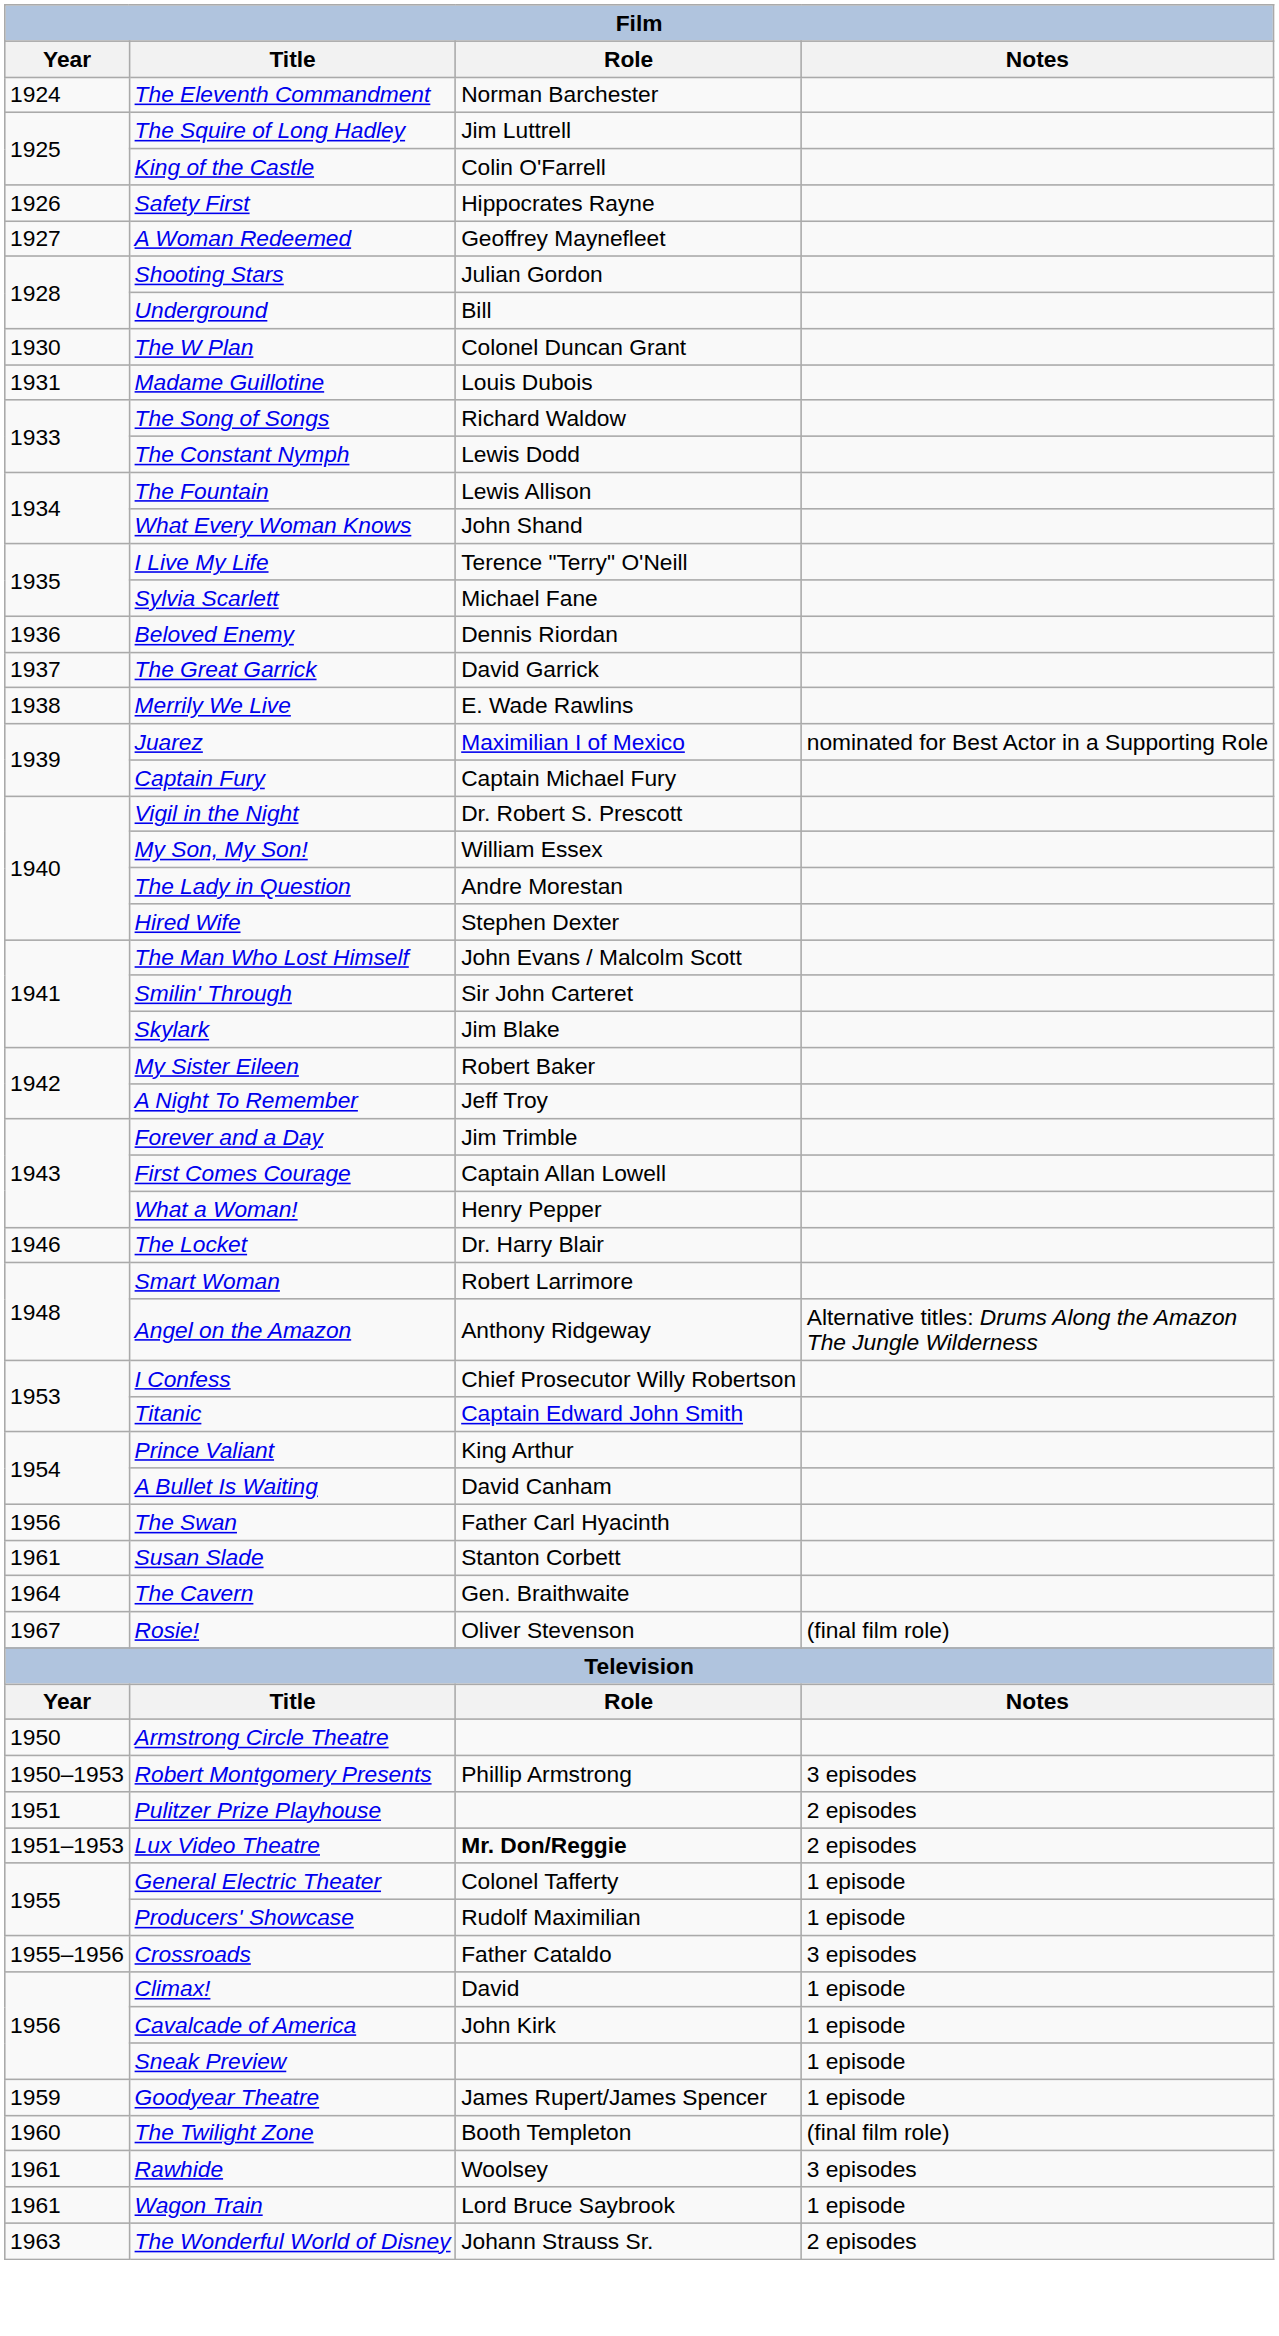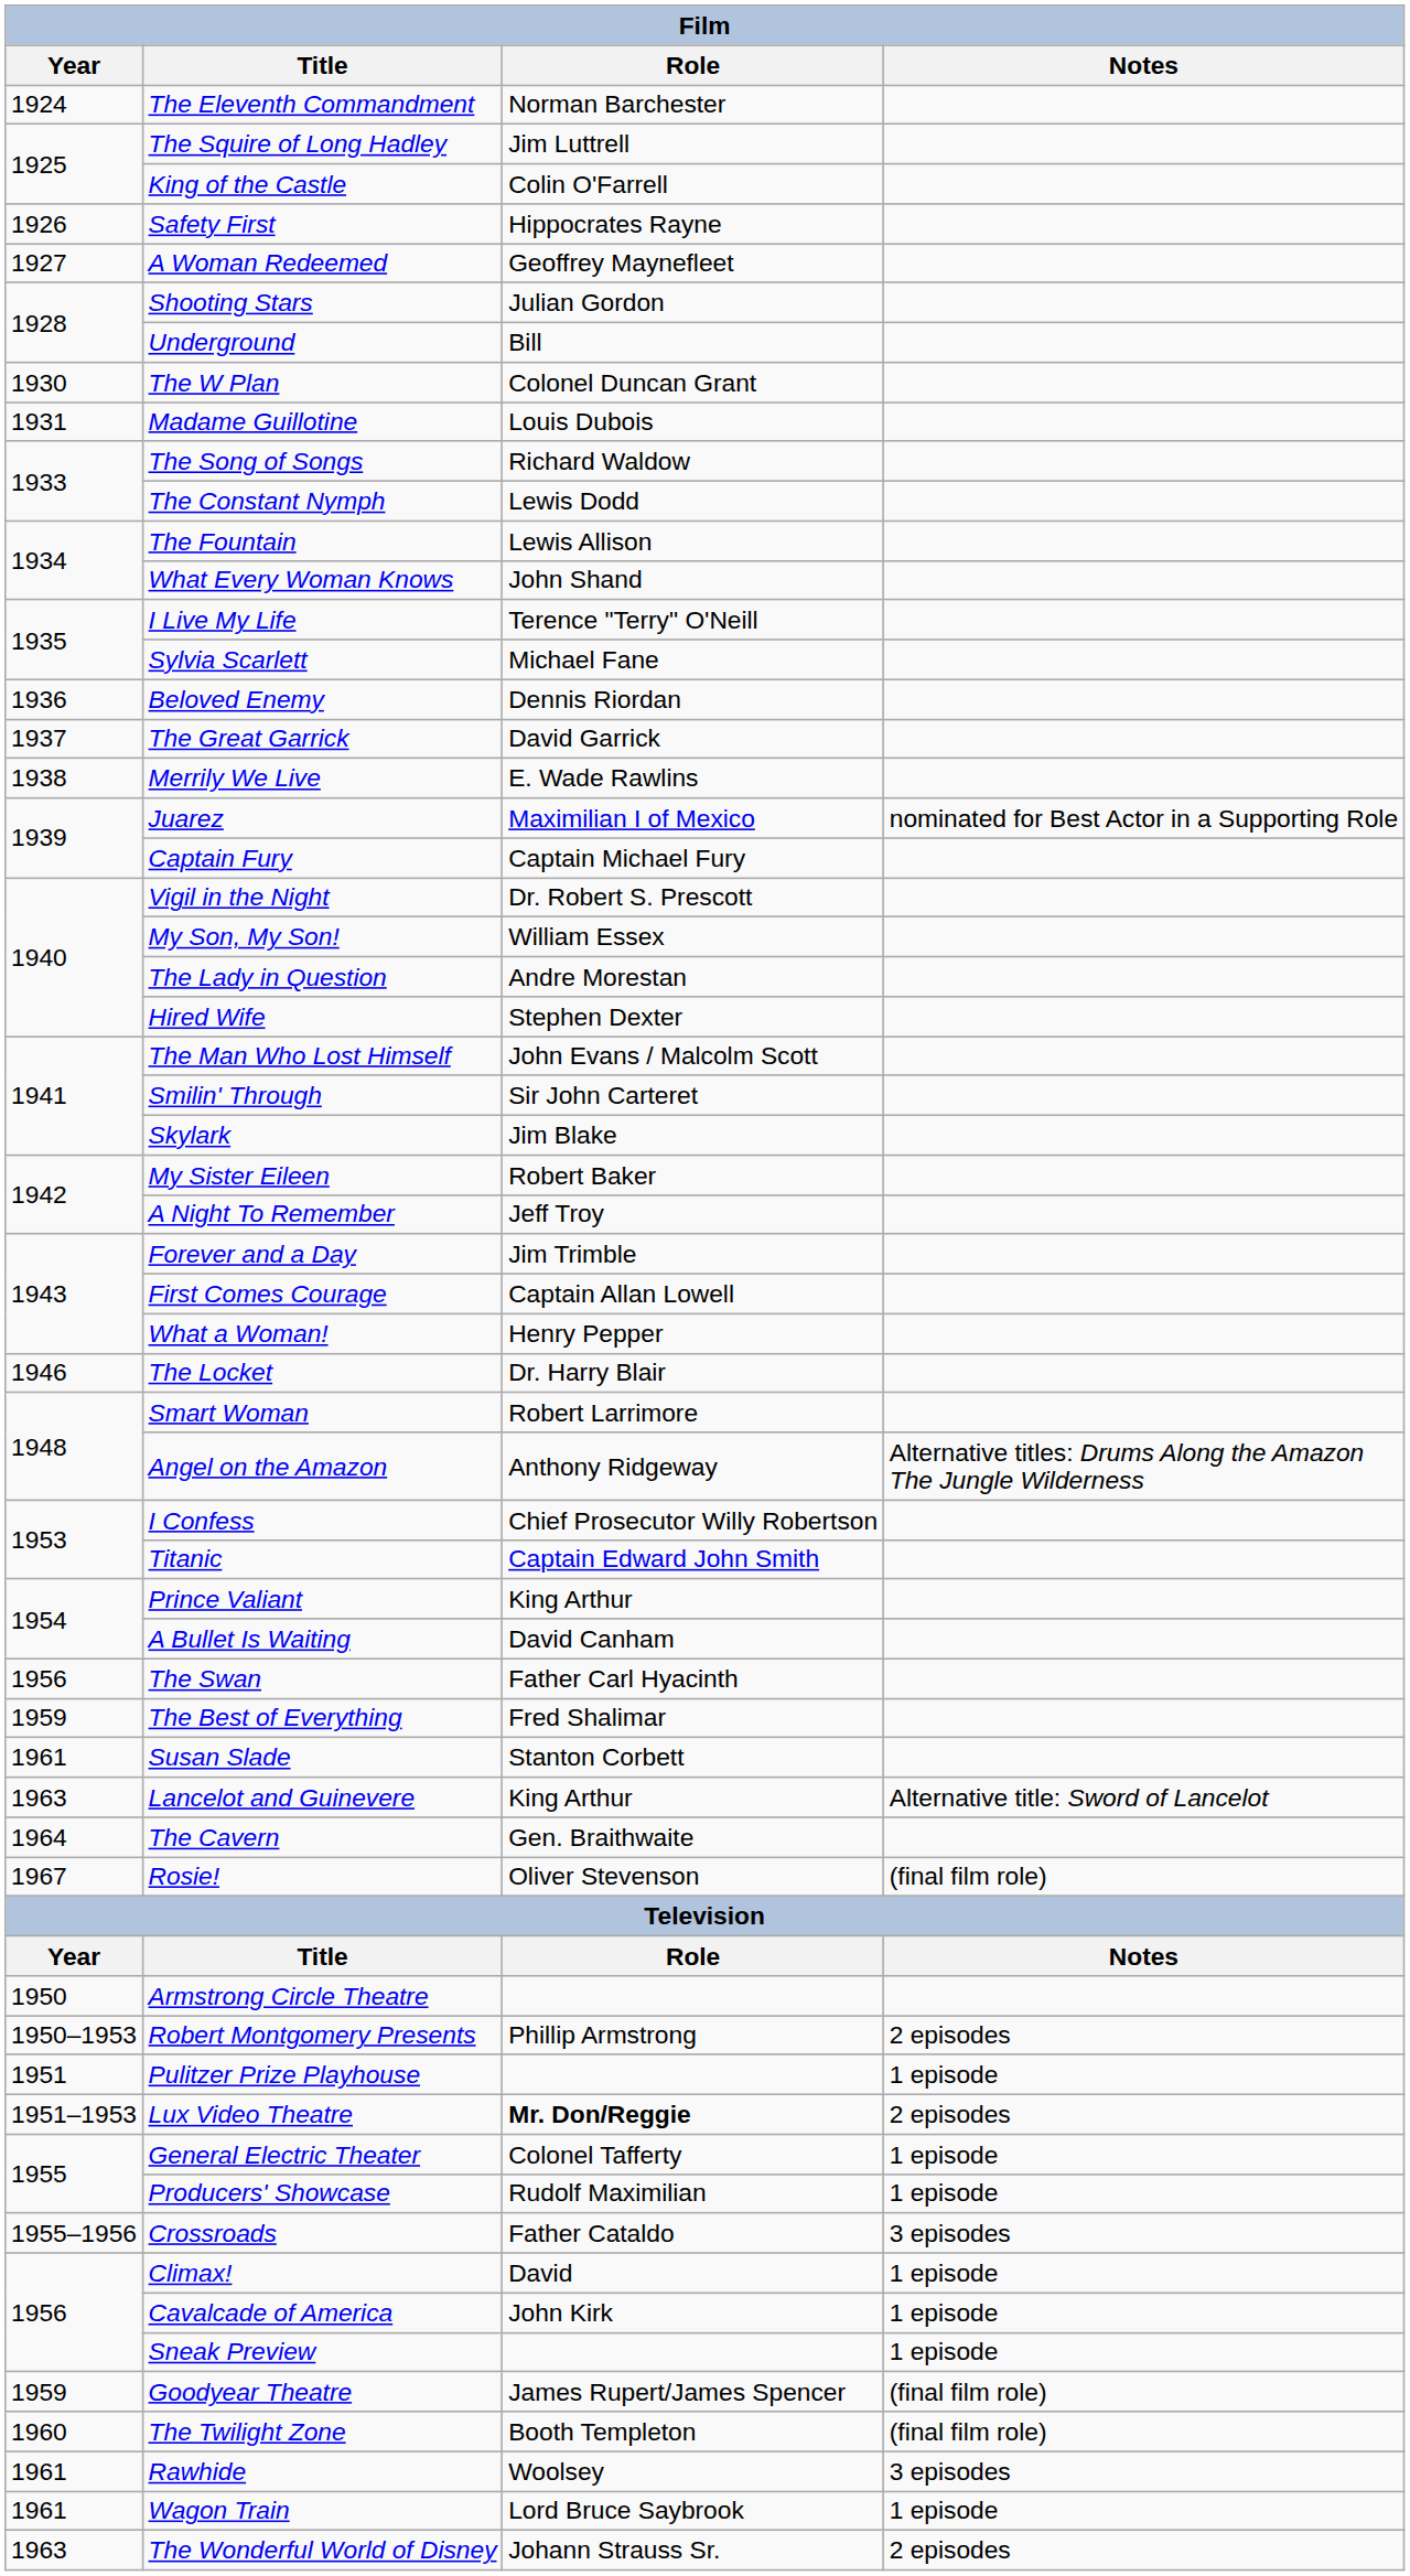 <table class="wikitable" style="font-size: 90%;">
 <tr>
 <th colspan="4" style="background: LightSteelBlue;">Film</th>
 </tr>
 <tr>
 <th>Year</th>
 <th>Title</th>
 <th>Role</th>
 <th>Notes</th>
 </tr>
 <tr>
 <td>1924</td>
 <td><em><a href='#'>The Eleventh Commandment</a></em></td>
 <td>Norman Barchester</td>
 <td></td>
 </tr>
 <tr>
 <td rowspan=2>1925</td>
 <td><em><a href='#'>The Squire of Long Hadley</a></em></td>
 <td>Jim Luttrell</td>
 <td></td>
 </tr>
 <tr>
 <td><em><a href='#'>King of the Castle</a></em></td>
 <td>Colin O'Farrell</td>
 <td></td>
 </tr>
 <tr>
 <td>1926</td>
 <td><em><a href='#'>Safety First</a></em></td>
 <td>Hippocrates Rayne</td>
 <td></td>
 </tr>
 <tr>
 <td>1927</td>
 <td><em><a href='#'>A Woman Redeemed</a></em></td>
 <td>Geoffrey Maynefleet</td>
 <td></td>
 </tr>
 <tr>
 <td rowspan=2>1928</td>
 <td><em><a href='#'>Shooting Stars</a></em></td>
 <td>Julian Gordon</td>
 <td></td>
 </tr>
 <tr>
 <td><em><a href='#'>Underground</a></em></td>
 <td>Bill</td>
 <td></td>
 </tr>
 <tr>
 <td>1930</td>
 <td><em><a href='#'>The W Plan</a></em></td>
 <td>Colonel Duncan Grant</td>
 <td></td>
 </tr>
 <tr>
 <td>1931</td>
 <td><em><a href='#'>Madame Guillotine</a></em></td>
 <td>Louis Dubois</td>
 <td></td>
 </tr>
 <tr>
 <td rowspan=2>1933</td>
 <td><em><a href='#'>The Song of Songs</a></em></td>
 <td>Richard Waldow</td>
 <td></td>
 </tr>
 <tr>
 <td><em><a href='#'>The Constant Nymph</a></em></td>
 <td>Lewis Dodd</td>
 <td></td>
 </tr>
 <tr>
 <td rowspan=2>1934</td>
 <td><em><a href='#'>The Fountain</a></em></td>
 <td>Lewis Allison</td>
 <td></td>
 </tr>
 <tr>
 <td><em><a href='#'>What Every Woman Knows</a></em></td>
 <td>John Shand</td>
 <td></td>
 </tr>
 <tr>
 <td rowspan=2>1935</td>
 <td><em><a href='#'>I Live My Life</a></em></td>
 <td>Terence "Terry" O'Neill</td>
 <td></td>
 </tr>
 <tr>
 <td><em><a href='#'>Sylvia Scarlett</a></em></td>
 <td>Michael Fane</td>
 <td></td>
 </tr>
 <tr>
 <td>1936</td>
 <td><em><a href='#'>Beloved Enemy</a></em></td>
 <td>Dennis Riordan</td>
 <td></td>
 </tr>
 <tr>
 <td>1937</td>
 <td><em><a href='#'>The Great Garrick</a></em></td>
 <td>David Garrick</td>
 <td></td>
 </tr>
 <tr>
 <td>1938</td>
 <td><em><a href='#'>Merrily We Live</a></em></td>
 <td>E. Wade Rawlins</td>
 <td></td>
 </tr>
 <tr>
 <td rowspan=2>1939</td>
 <td><em><a href='#'>Juarez</a></em></td>
 <td><a href='#'>Maximilian I of Mexico</a></td>
 <td>nominated for Best Actor in a Supporting Role</td>
 </tr>
 <tr>
 <td><em><a href='#'>Captain Fury</a></em></td>
 <td>Captain Michael Fury</td>
 <td></td>
 </tr>
 <tr>
 <td rowspan=4>1940</td>
 <td><em><a href='#'>Vigil in the Night</a></em></td>
 <td>Dr. Robert S. Prescott</td>
 <td></td>
 </tr>
 <tr>
 <td><em><a href='#'>My Son, My Son!</a></em></td>
 <td>William Essex</td>
 <td></td>
 </tr>
 <tr>
 <td><em><a href='#'>The Lady in Question</a></em></td>
 <td>Andre Morestan</td>
 <td></td>
 </tr>
 <tr>
 <td><em><a href='#'>Hired Wife</a></em></td>
 <td>Stephen Dexter</td>
 <td></td>
 </tr>
 <tr>
 <td rowspan=3>1941</td>
 <td><em><a href='#'>The Man Who Lost Himself</a></em></td>
 <td>John Evans / Malcolm Scott</td>
 <td></td>
 </tr>
 <tr>
 <td><em><a href='#'>Smilin' Through</a></em></td>
 <td>Sir John Carteret</td>
 <td></td>
 </tr>
 <tr>
 <td><em><a href='#'>Skylark</a></em></td>
 <td>Jim Blake</td>
 <td></td>
 </tr>
 <tr>
 <td rowspan=2>1942</td>
 <td><em><a href='#'>My Sister Eileen</a></em></td>
 <td>Robert Baker</td>
 <td></td>
 </tr>
 <tr>
 <td><em><a href='#'>A Night To Remember</a></em></td>
 <td>Jeff Troy</td>
 <td></td>
 </tr>
 <tr>
 <td rowspan=3>1943</td>
 <td><em><a href='#'>Forever and a Day</a></em></td>
 <td>Jim Trimble</td>
 <td></td>
 </tr>
 <tr>
 <td><em><a href='#'>First Comes Courage</a></em></td>
 <td>Captain Allan Lowell</td>
 <td></td>
 </tr>
 <tr>
 <td><em><a href='#'>What a Woman!</a></em></td>
 <td>Henry Pepper</td>
 <td></td>
 </tr>
 <tr>
 <td>1946</td>
 <td><em><a href='#'>The Locket</a></em></td>
 <td>Dr. Harry Blair</td>
 <td></td>
 </tr>
 <tr>
 <td rowspan=2>1948</td>
 <td><em><a href='#'>Smart Woman</a></em></td>
 <td>Robert Larrimore</td>
 <td></td>
 </tr>
 <tr>
 <td><em><a href='#'>Angel on the Amazon</a></em></td>
 <td>Anthony Ridgeway</td>
 <td>Alternative titles: <em>Drums Along the Amazon</em><br><em>The Jungle Wilderness</em></td>
 </tr>
 <tr>
 <td rowspan=2>1953</td>
 <td><em><a href='#'>I Confess</a></em></td>
 <td>Chief Prosecutor Willy Robertson</td>
 <td></td>
 </tr>
 <tr>
 <td><em><a href='#'>Titanic</a></em></td>
 <td><a href='#'>  Captain Edward John Smith</a></td>
 <td></td>
 </tr>
 <tr>
 <td rowspan=2>1954</td>
 <td><em><a href='#'>Prince Valiant</a></em></td>
 <td>King Arthur</td>
 <td></td>
 </tr>
 <tr>
 <td><em><a href='#'>A Bullet Is Waiting</a></em></td>
 <td>David Canham</td>
 <td></td>
 </tr>
 <tr>
 <td>1956</td>
 <td><em><a href='#'>The Swan</a></em></td>
 <td>Father Carl Hyacinth</td>
 <td></td>
 </tr>
 <tr>
+<td>1959</td>
+<td><em><a href='#'>The Best of Everything</a></em></td>
+<td>Fred Shalimar</td>
+<td></td>
+</tr>
+<tr>
 <td>1961</td>
 <td><em><a href='#'>Susan Slade</a></em></td>
 <td>Stanton Corbett</td>
 <td></td>
+</tr>
+<tr>
+<td>1963</td>
+<td><em><a href='#'>Lancelot and Guinevere</a></em></td>
+<td>King Arthur</td>
+<td>Alternative title: <em>Sword of Lancelot</em></td>
 </tr>
 <tr>
 <td>1964</td>
 <td><em><a href='#'>The Cavern</a></em></td>
 <td>Gen. Braithwaite</td>
 <td></td>
 </tr>
 <tr>
 <td>1967</td>
 <td><em><a href='#'>Rosie!</a></em></td>
 <td>Oliver Stevenson</td>
 <td>(final film role)</td>
 </tr>
 <tr>
 <th colspan="4" style="background: LightSteelBlue;">Television</th>
 </tr>
 <tr>
 <th>Year</th>
 <th>Title</th>
 <th>Role</th>
 <th>Notes</th>
 </tr>
 <tr>
 <td>1950</td>
 <td><em><a href='#'>Armstrong Circle Theatre</a></em></td>
 <td></td>
 <td></td>
 </tr>
 <tr>
 <td>1950–1953</td>
 <td><em><a href='#'>Robert Montgomery Presents</a></em></td>
 <td>Phillip Armstrong</td>
-<td>3 episodes</td>
+<td>2 episodes</td>
 </tr>
 <tr>
 <td>1951</td>
 <td><em><a href='#'>Pulitzer Prize Playhouse</a></em></td>
 <td></td>
-<td>2 episodes</td>
+<td>1 episode</td>
 </tr>
 <tr>
 <td>1951–1953</td>
 <td><em><a href='#'>Lux Video Theatre</a></em></td>
 <td><strong>Mr. Don/Reggie</strong></td>
 <td>2 episodes</td>
 </tr>
 <tr>
 <td rowspan=2>1955</td>
 <td><em><a href='#'>General Electric Theater</a></em></td>
 <td>Colonel Tafferty</td>
 <td>1 episode</td>
 </tr>
 <tr>
 <td><em><a href='#'>Producers' Showcase</a></em></td>
 <td>Rudolf Maximilian</td>
 <td>1 episode</td>
 </tr>
 <tr>
 <td>1955–1956</td>
 <td><em><a href='#'>Crossroads</a></em></td>
 <td>Father Cataldo</td>
 <td>3 episodes</td>
 </tr>
 <tr>
 <td rowspan=3>1956</td>
 <td><em><a href='#'>Climax!</a></em></td>
 <td>David</td>
 <td>1 episode</td>
 </tr>
 <tr>
 <td><em><a href='#'>Cavalcade of America</a></em></td>
 <td>John Kirk</td>
 <td>1 episode</td>
 </tr>
 <tr>
 <td><em><a href='#'>Sneak Preview</a></em></td>
 <td></td>
 <td>1 episode</td>
 </tr>
 <tr>
 <td>1959</td>
 <td><em><a href='#'>Goodyear Theatre</a></em></td>
 <td>James Rupert/James Spencer</td>
-<td>1 episode</td>
+<td>(final film role)</td>
 </tr>
 <tr>
 <td>1960</td>
 <td><em><a href='#'>The Twilight Zone</a></em></td>
 <td>Booth Templeton</td>
 <td>(final film role)</td>
 </tr>
 <tr>
 <td>1961</td>
 <td><em><a href='#'>Rawhide</a></em></td>
 <td>Woolsey</td>
 <td>3 episodes</td>
 </tr>
 <tr>
 <td>1961</td>
 <td><em><a href='#'>Wagon Train</a></em></td>
 <td>Lord Bruce Saybrook</td>
 <td>1 episode</td>
 </tr>
 <tr>
 <td>1963</td>
 <td><em><a href='#'>The Wonderful World of Disney</a></em></td>
 <td>Johann Strauss Sr.</td>
 <td>2 episodes</td>
 </tr>
 </table>
